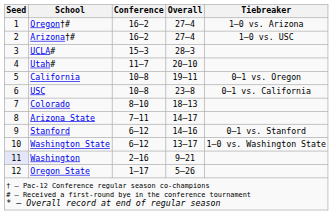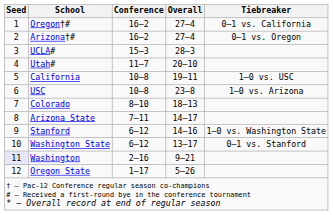 <table class="wikitable" style="white-space:nowrap; font-size:95%; text-align:center">
 <tr>
 <th>Seed</th>
 <th>School</th>
 <th>Conference</th>
 <th>Overall</th>
 <th>Tiebreaker</th>
 </tr>
 <tr>
 <td>1</td>
 <td align=left><a href='#'>Oregon</a>†#</td>
 <td>16–2</td>
 <td>27–4</td>
-<td>1–0 vs. Arizona</td>
+<td>0–1 vs. California</td>
 </tr>
 <tr>
 <td>2</td>
 <td align=left><a href='#'>Arizona</a>†#</td>
 <td>16–2</td>
 <td>27–4</td>
-<td>1–0 vs. USC</td>
+<td>0–1 vs. Oregon</td>
 </tr>
 <tr>
 <td>3</td>
 <td align=left><a href='#'>UCLA</a>#</td>
 <td>15–3</td>
 <td>28–3</td>
 <td></td>
 </tr>
 <tr>
 <td>4</td>
 <td align=left><a href='#'>Utah</a>#</td>
 <td>11–7</td>
 <td>20–10</td>
 <td></td>
 </tr>
 <tr>
 <td>5</td>
 <td align=left><a href='#'>California</a></td>
 <td>10–8</td>
 <td>19–11</td>
-<td>0–1 vs. Oregon</td>
+<td>1–0 vs. USC</td>
 </tr>
 <tr>
 <td>6</td>
 <td align=left><a href='#'>USC</a></td>
 <td>10–8</td>
 <td>23–8</td>
-<td>0–1 vs. California</td>
+<td>1–0 vs. Arizona</td>
 </tr>
 <tr>
 <td>7</td>
 <td align=left><a href='#'>Colorado</a></td>
 <td>8–10</td>
 <td>18–13</td>
 <td></td>
 </tr>
 <tr>
 <td>8</td>
 <td align=left><a href='#'>Arizona State</a></td>
 <td>7–11</td>
 <td>14–17</td>
 <td></td>
 </tr>
 <tr>
 <td>9</td>
 <td align=left><a href='#'>Stanford</a></td>
 <td>6–12</td>
 <td>14–16</td>
-<td>0–1 vs. Stanford</td>
+<td>1–0 vs. Washington State</td>
 </tr>
 <tr>
 <td>10</td>
 <td align=left><a href='#'>Washington State</a></td>
 <td>6–12</td>
 <td>13–17</td>
-<td>1–0 vs. Washington State</td>
+<td>0–1 vs. Stanford</td>
 </tr>
 <tr>
 <td style="background: lavender;">11</td>
 <td align=left><a href='#'>Washington</a></td>
 <td>2–16</td>
 <td>9–21</td>
 <td></td>
 </tr>
 <tr>
 <td>12</td>
 <td align=left><a href='#'>Oregon State</a></td>
 <td>1–17</td>
 <td>5–26</td>
 <td></td>
 </tr>
 <tr>
 <td colspan=6 align=left><small>† – Pac-12 Conference regular season co-champions<br># – Received a first-round bye in the conference tournament</small><br>* – <em>Overall record at end of regular season</em></td>
 </tr>
 </table>
